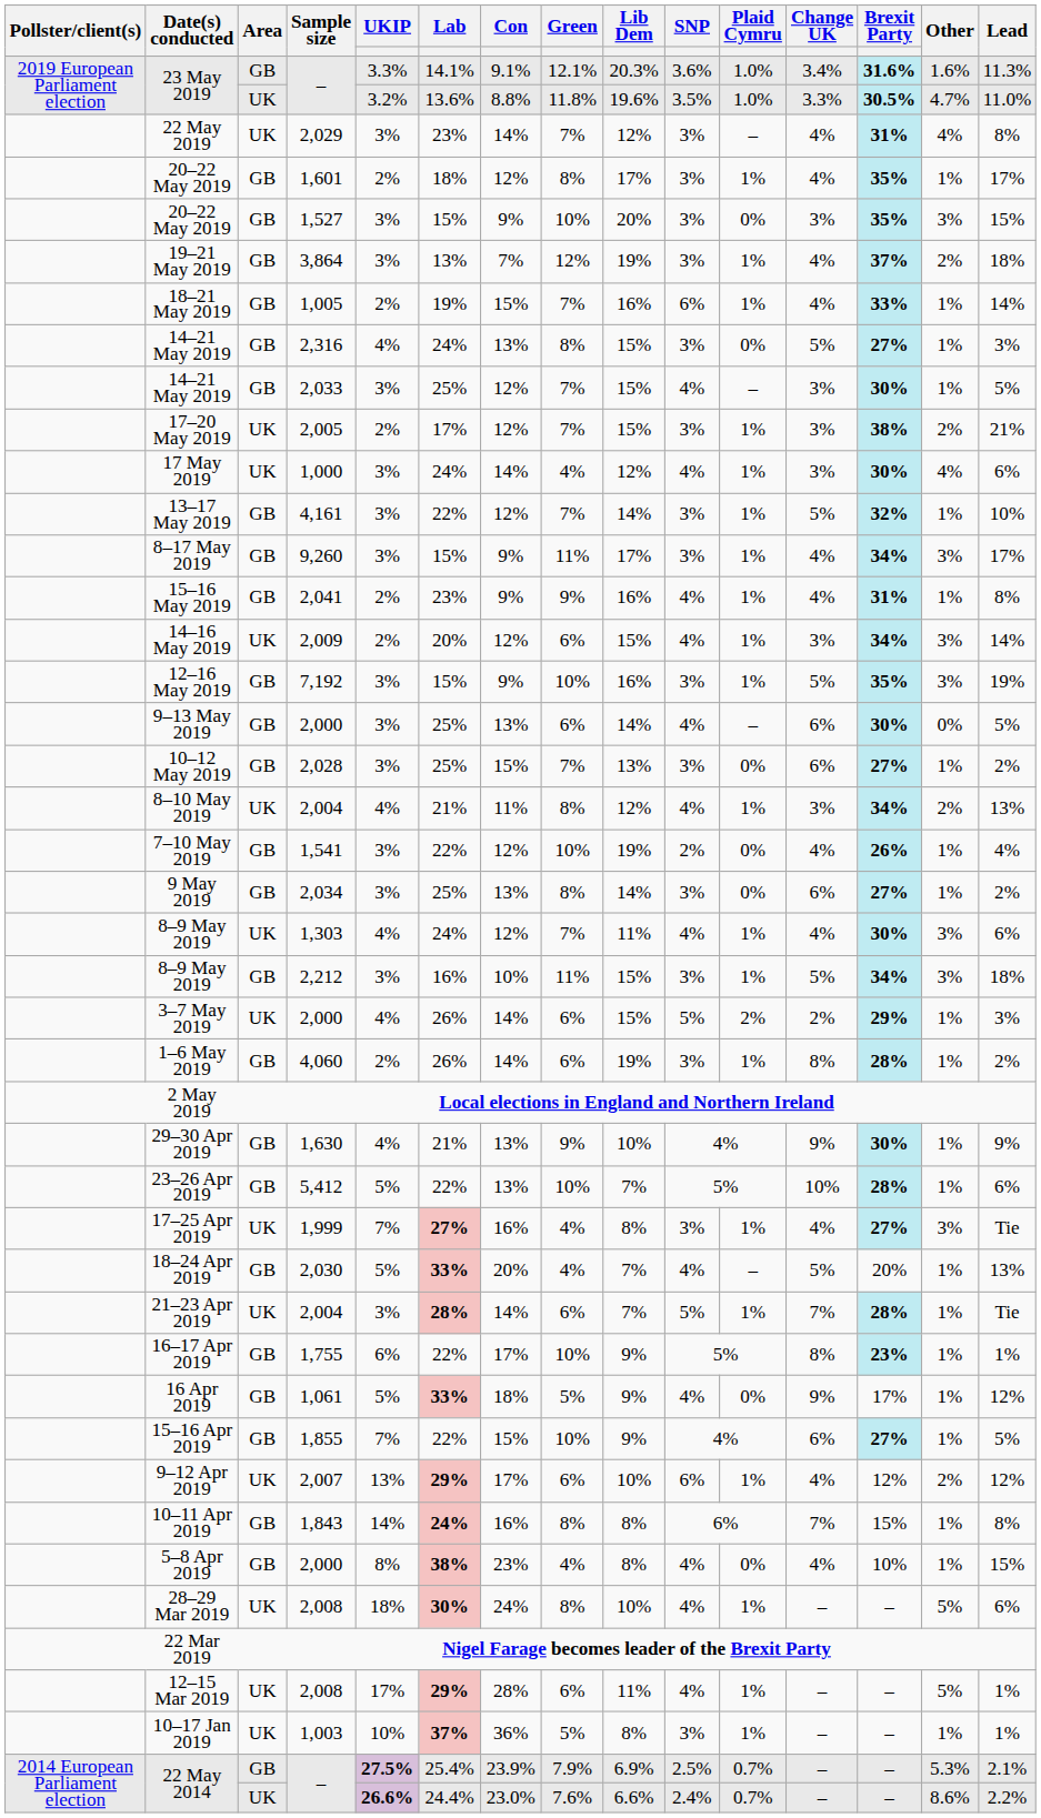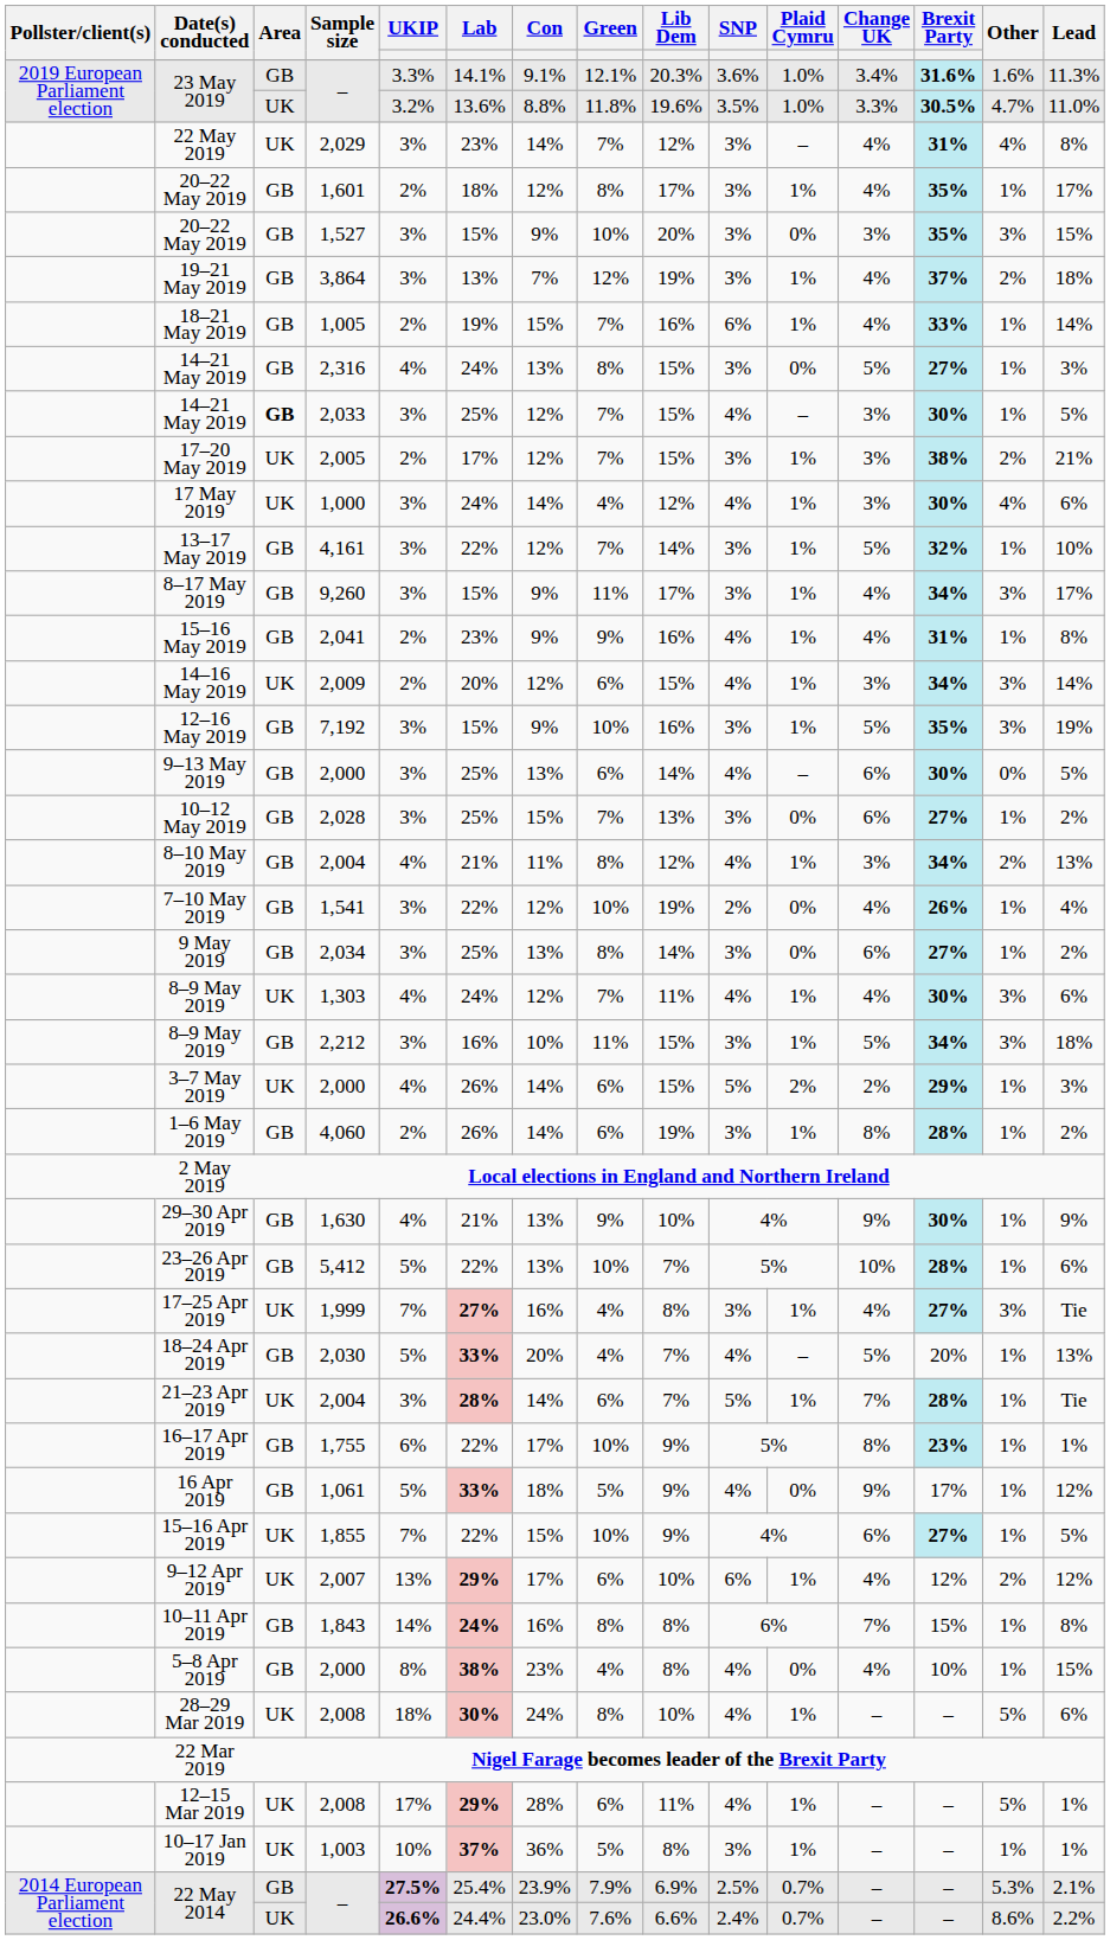 <table class="wikitable sortable mw-datatable" style="text-align:center;line-height:14px;">
 <tr>
 <th rowspan="2">Pollster/client(s)</th>
 <th rowspan="2">Date(s)<br>conducted</th>
 <th rowspan="2">Area</th>
 <th data-sort-type="number" rowspan="2">Sample<br>size</th>
 <th class="unsortable" style="width:50px;"><a href='#'>UKIP</a></th>
 <th class="unsortable" style="width:50px;"><a href='#'>Lab</a></th>
 <th class="unsortable" style="width:50px;"><a href='#'>Con</a></th>
 <th class="unsortable" style="width:50px;"><a href='#'>Green</a></th>
 <th class="unsortable" style="width:50px;"><a href='#'>Lib Dem</a></th>
 <th class="unsortable" style="width:50px;"><a href='#'>SNP</a></th>
 <th class="unsortable" style="width:50px;"><a href='#'>Plaid Cymru</a></th>
 <th class="unsortable" style="width:50px;"><a href='#'>Change UK</a></th>
 <th class="unsortable" style="width:50px;"><a href='#'>Brexit Party</a></th>
 <th class="unsortable" rowspan="2">Other</th>
 <th data-sort-type="number" rowspan="2">Lead</th>
 </tr>
 <tr>
 <th data-sort-type="number" style="background:"></th>
 <th data-sort-type="number" style="background:"></th>
 <th data-sort-type="number" style="background:"></th>
 <th data-sort-type="number" style="background:"></th>
 <th data-sort-type="number" style="background:"></th>
 <th data-sort-type="number" style="background:"></th>
 <th data-sort-type="number" style="background:"></th>
 <th data-sort-type="number" style="background:"></th>
 <th data-sort-type="number" style="background:"></th>
 </tr>
 <tr style="background:#E9E9E9;">
 <td rowspan="2"><a href='#'>2019 European Parliament election</a></td>
 <td rowspan="2" data-sort-value="2019-05-23">23 May 2019</td>
 <td>GB</td>
 <td rowspan="2">–</td>
 <td>3.3%</td>
 <td>14.1%</td>
 <td>9.1%</td>
 <td>12.1%</td>
 <td>20.3%</td>
 <td>3.6%</td>
 <td>1.0%</td>
 <td>3.4%</td>
 <td style="background:#BFEBF2;"><strong>31.6%</strong></td>
 <td>1.6%</td>
 <td style="background:">11.3%</td>
 </tr>
 <tr style="background:#E9E9E9;">
 <td>UK</td>
 <td>3.2%</td>
 <td>13.6%</td>
 <td>8.8%</td>
 <td>11.8%</td>
 <td>19.6%</td>
 <td>3.5%</td>
 <td>1.0%</td>
 <td>3.3%</td>
 <td style="background:#BFEBF2;"><strong>30.5%</strong></td>
 <td>4.7%</td>
 <td style="background:">11.0%</td>
 </tr>
 <tr>
 <td></td>
 <td data-sort-value="2019-05-22">22 May 2019</td>
 <td>UK</td>
 <td>2,029</td>
 <td>3%</td>
 <td>23%</td>
 <td>14%</td>
 <td>7%</td>
 <td>12%</td>
 <td>3%</td>
 <td>–</td>
 <td>4%</td>
 <td style="background:#BFEBF2;"><strong>31%</strong></td>
 <td>4%</td>
 <td style="background:">8%</td>
 </tr>
 <tr>
 <td></td>
 <td data-sort-value="2019-05-22">20–22 May 2019</td>
 <td>GB</td>
 <td>1,601</td>
 <td>2%</td>
 <td>18%</td>
 <td>12%</td>
 <td>8%</td>
 <td>17%</td>
 <td>3%</td>
 <td>1%</td>
 <td>4%</td>
 <td style="background:#BFEBF2;"><strong>35%</strong></td>
 <td>1%</td>
 <td style="background:">17%</td>
 </tr>
 <tr>
 <td></td>
 <td data-sort-value="2019-05-22">20–22 May 2019</td>
 <td>GB</td>
 <td>1,527</td>
 <td>3%</td>
 <td>15%</td>
 <td>9%</td>
 <td>10%</td>
 <td>20%</td>
 <td>3%</td>
 <td>0%</td>
 <td>3%</td>
 <td style="background:#BFEBF2;"><strong>35%</strong></td>
 <td>3%</td>
 <td style="background:">15%</td>
 </tr>
 <tr>
 <td></td>
 <td data-sort-value="2019-05-21">19–21 May 2019</td>
 <td>GB</td>
 <td>3,864</td>
 <td>3%</td>
 <td>13%</td>
 <td>7%</td>
 <td>12%</td>
 <td>19%</td>
 <td>3%</td>
 <td>1%</td>
 <td>4%</td>
 <td style="background:#BFEBF2;"><strong>37%</strong></td>
 <td>2%</td>
 <td style="background:">18%</td>
 </tr>
 <tr>
 <td></td>
 <td data-sort-value="2019-05-21">18–21 May 2019</td>
 <td>GB</td>
 <td>1,005</td>
 <td>2%</td>
 <td>19%</td>
 <td>15%</td>
 <td>7%</td>
 <td>16%</td>
 <td>6%</td>
 <td>1%</td>
 <td>4%</td>
 <td style="background:#BFEBF2;"><strong>33%</strong></td>
 <td>1%</td>
 <td style="background:">14%</td>
 </tr>
 <tr>
 <td></td>
 <td data-sort-value="2019-05-21">14–21 May 2019</td>
 <td>GB</td>
 <td>2,316</td>
 <td>4%</td>
 <td>24%</td>
 <td>13%</td>
 <td>8%</td>
 <td>15%</td>
 <td>3%</td>
 <td>0%</td>
 <td>5%</td>
 <td style="background:#BFEBF2;"><strong>27%</strong></td>
 <td>1%</td>
 <td style="background:">3%</td>
 </tr>
 <tr>
 <td></td>
 <td data-sort-value="2019-05-21">14–21 May 2019</td>
-<td>GB</td>
+<td><strong>GB</strong></td>
 <td>2,033</td>
 <td>3%</td>
 <td>25%</td>
 <td>12%</td>
 <td>7%</td>
 <td>15%</td>
 <td>4%</td>
 <td>–</td>
 <td>3%</td>
 <td style="background:#BFEBF2;"><strong>30%</strong></td>
 <td>1%</td>
 <td style="background:">5%</td>
 </tr>
 <tr>
 <td></td>
 <td data-sort-value="2019-05-20">17–20 May 2019</td>
 <td>UK</td>
 <td>2,005</td>
 <td>2%</td>
 <td>17%</td>
 <td>12%</td>
 <td>7%</td>
 <td>15%</td>
 <td>3%</td>
 <td>1%</td>
 <td>3%</td>
 <td style="background:#BFEBF2;"><strong>38%</strong></td>
 <td>2%</td>
 <td style="background:">21%</td>
 </tr>
 <tr>
 <td></td>
 <td data-sort-value="2019-05-17">17 May 2019</td>
 <td>UK</td>
 <td>1,000</td>
 <td>3%</td>
 <td>24%</td>
 <td>14%</td>
 <td>4%</td>
 <td>12%</td>
 <td>4%</td>
 <td>1%</td>
 <td>3%</td>
 <td style="background:#BFEBF2;"><strong>30%</strong></td>
 <td>4%</td>
 <td style="background:">6%</td>
 </tr>
 <tr>
 <td></td>
 <td data-sort-value="2019-05-17">13–17 May 2019</td>
 <td>GB</td>
 <td>4,161</td>
 <td>3%</td>
 <td>22%</td>
 <td>12%</td>
 <td>7%</td>
 <td>14%</td>
 <td>3%</td>
 <td>1%</td>
 <td>5%</td>
 <td style="background:#BFEBF2;"><strong>32%</strong></td>
 <td>1%</td>
 <td style="background:">10%</td>
 </tr>
 <tr>
 <td></td>
 <td data-sort-value="2019-05-17">8–17 May 2019</td>
 <td>GB</td>
 <td>9,260</td>
 <td>3%</td>
 <td>15%</td>
 <td>9%</td>
 <td>11%</td>
 <td>17%</td>
 <td>3%</td>
 <td>1%</td>
 <td>4%</td>
 <td style="background:#BFEBF2;"><strong>34%</strong></td>
 <td>3%</td>
 <td style="background:">17%</td>
 </tr>
 <tr>
 <td></td>
 <td data-sort-value="2019-05-16">15–16 May 2019</td>
 <td>GB</td>
 <td>2,041</td>
 <td>2%</td>
 <td>23%</td>
 <td>9%</td>
 <td>9%</td>
 <td>16%</td>
 <td>4%</td>
 <td>1%</td>
 <td>4%</td>
 <td style="background:#BFEBF2;"><strong>31%</strong></td>
 <td>1%</td>
 <td style="background:">8%</td>
 </tr>
 <tr>
 <td></td>
 <td data-sort-value="2019-05-16">14–16 May 2019</td>
 <td>UK</td>
 <td>2,009</td>
 <td>2%</td>
 <td>20%</td>
 <td>12%</td>
 <td>6%</td>
 <td>15%</td>
 <td>4%</td>
 <td>1%</td>
 <td>3%</td>
 <td style="background:#BFEBF2;"><strong>34%</strong></td>
 <td>3%</td>
 <td style="background:">14%</td>
 </tr>
 <tr>
 <td></td>
 <td data-sort-value="2019-05-16">12–16 May 2019</td>
 <td>GB</td>
 <td>7,192</td>
 <td>3%</td>
 <td>15%</td>
 <td>9%</td>
 <td>10%</td>
 <td>16%</td>
 <td>3%</td>
 <td>1%</td>
 <td>5%</td>
 <td style="background:#BFEBF2;"><strong>35%</strong></td>
 <td>3%</td>
 <td style="background:">19%</td>
 </tr>
 <tr>
 <td></td>
 <td data-sort-value="2019-05-13">9–13 May 2019</td>
 <td>GB</td>
 <td>2,000</td>
 <td>3%</td>
 <td>25%</td>
 <td>13%</td>
 <td>6%</td>
 <td>14%</td>
 <td>4%</td>
 <td>–</td>
 <td>6%</td>
 <td style="background:#BFEBF2;"><strong>30%</strong></td>
 <td>0%</td>
 <td style="background:">5%</td>
 </tr>
 <tr>
 <td></td>
 <td data-sort-value="2019-05-12">10–12 May 2019</td>
 <td>GB</td>
 <td>2,028</td>
 <td>3%</td>
 <td>25%</td>
 <td>15%</td>
 <td>7%</td>
 <td>13%</td>
 <td>3%</td>
 <td>0%</td>
 <td>6%</td>
 <td style="background:#BFEBF2;"><strong>27%</strong></td>
 <td>1%</td>
 <td style="background:">2%</td>
 </tr>
 <tr>
 <td></td>
 <td data-sort-value="2019-05-10">8–10 May 2019</td>
-<td>UK</td>
+<td>GB</td>
 <td>2,004</td>
 <td>4%</td>
 <td>21%</td>
 <td>11%</td>
 <td>8%</td>
 <td>12%</td>
 <td>4%</td>
 <td>1%</td>
 <td>3%</td>
 <td style="background:#BFEBF2;"><strong>34%</strong></td>
 <td>2%</td>
 <td style="background:">13%</td>
 </tr>
 <tr>
 <td></td>
 <td data-sort-value="2019-05-10">7–10 May 2019</td>
 <td>GB</td>
 <td>1,541</td>
 <td>3%</td>
 <td>22%</td>
 <td>12%</td>
 <td>10%</td>
 <td>19%</td>
 <td>2%</td>
 <td>0%</td>
 <td>4%</td>
 <td style="background:#BFEBF2;"><strong>26%</strong></td>
 <td>1%</td>
 <td style="background:">4%</td>
 </tr>
 <tr>
 <td></td>
 <td data-sort-value="2019-05-09">9 May 2019</td>
 <td>GB</td>
 <td>2,034</td>
 <td>3%</td>
 <td>25%</td>
 <td>13%</td>
 <td>8%</td>
 <td>14%</td>
 <td>3%</td>
 <td>0%</td>
 <td>6%</td>
 <td style="background:#BFEBF2;"><strong>27%</strong></td>
 <td>1%</td>
 <td style="background:">2%</td>
 </tr>
 <tr>
 <td></td>
 <td data-sort-value="2019-05-09">8–9 May 2019</td>
 <td>UK</td>
 <td>1,303</td>
 <td>4%</td>
 <td>24%</td>
 <td>12%</td>
 <td>7%</td>
 <td>11%</td>
 <td>4%</td>
 <td>1%</td>
 <td>4%</td>
 <td style="background:#BFEBF2;"><strong>30%</strong></td>
 <td>3%</td>
 <td style="background:">6%</td>
 </tr>
 <tr>
 <td></td>
 <td data-sort-value="2019-05-09">8–9 May 2019</td>
 <td>GB</td>
 <td>2,212</td>
 <td>3%</td>
 <td>16%</td>
 <td>10%</td>
 <td>11%</td>
 <td>15%</td>
 <td>3%</td>
 <td>1%</td>
 <td>5%</td>
 <td style="background:#BFEBF2;"><strong>34%</strong></td>
 <td>3%</td>
 <td style="background:">18%</td>
 </tr>
 <tr>
 <td></td>
 <td data-sort-value="2019-05-07">3–7 May 2019</td>
 <td>UK</td>
 <td>2,000</td>
 <td>4%</td>
 <td>26%</td>
 <td>14%</td>
 <td>6%</td>
 <td>15%</td>
 <td>5%</td>
 <td>2%</td>
 <td>2%</td>
 <td style="background:#BFEBF2;"><strong>29%</strong></td>
 <td>1%</td>
 <td style="background:">3%</td>
 </tr>
 <tr>
 <td></td>
 <td data-sort-value="2019-05-06">1–6 May 2019</td>
 <td>GB</td>
 <td>4,060</td>
 <td>2%</td>
 <td>26%</td>
 <td>14%</td>
 <td>6%</td>
 <td>19%</td>
 <td>3%</td>
 <td>1%</td>
 <td>8%</td>
 <td style="background:#BFEBF2;"><strong>28%</strong></td>
 <td>1%</td>
 <td style="background:">2%</td>
 </tr>
 <tr>
 <td style="border-right-style:hidden;"></td>
 <td style="border-right-style:hidden;" data-sort-value="2019-05-02">2 May 2019</td>
 <td style="font-weight:bold;" colspan="13"><a href='#'>Local elections in England and Northern Ireland</a></td>
 </tr>
 <tr>
 <td></td>
 <td data-sort-value="2019-04-30">29–30 Apr 2019</td>
 <td>GB</td>
 <td>1,630</td>
 <td>4%</td>
 <td>21%</td>
 <td>13%</td>
 <td>9%</td>
 <td>10%</td>
 <td colspan="2">4%</td>
 <td>9%</td>
 <td style="background:#BFEBF2;"><strong>30%</strong></td>
 <td>1%</td>
 <td style="background:">9%</td>
 </tr>
 <tr>
 <td></td>
 <td data-sort-value="2019-04-26">23–26 Apr 2019</td>
 <td>GB</td>
 <td>5,412</td>
 <td>5%</td>
 <td>22%</td>
 <td>13%</td>
 <td>10%</td>
 <td>7%</td>
 <td colspan="2">5%</td>
 <td>10%</td>
 <td style="background:#BFEBF2;"><strong>28%</strong></td>
 <td>1%</td>
 <td style="background:">6%</td>
 </tr>
 <tr>
 <td></td>
 <td data-sort-value="2019-04-25">17–25 Apr 2019</td>
 <td>UK</td>
 <td>1,999</td>
 <td>7%</td>
 <td style="background:#F5C3C2;"><strong>27%</strong></td>
 <td>16%</td>
 <td>4%</td>
 <td>8%</td>
 <td>3%</td>
 <td>1%</td>
 <td>4%</td>
 <td style="background:#BFEBF2;"><strong>27%</strong></td>
 <td>3%</td>
 <td data-sort-value="0">Tie</td>
 </tr>
 <tr>
 <td></td>
 <td data-sort-value="2019-04-24">18–24 Apr 2019</td>
 <td>GB</td>
 <td>2,030</td>
 <td>5%</td>
 <td style="background:#F5C3C2;"><strong>33%</strong></td>
 <td>20%</td>
 <td>4%</td>
 <td>7%</td>
 <td>4%</td>
 <td>–</td>
 <td>5%</td>
 <td>20%</td>
 <td>1%</td>
 <td style="background:">13%</td>
 </tr>
 <tr>
 <td></td>
 <td data-sort-value="2019-04-23">21–23 Apr 2019</td>
 <td>UK</td>
 <td>2,004</td>
 <td>3%</td>
 <td style="background:#F5C3C2;"><strong>28%</strong></td>
 <td>14%</td>
 <td>6%</td>
 <td>7%</td>
 <td>5%</td>
 <td>1%</td>
 <td>7%</td>
 <td style="background:#BFEBF2;"><strong>28%</strong></td>
 <td>1%</td>
 <td data-sort-value="0">Tie</td>
 </tr>
 <tr>
 <td></td>
 <td data-sort-value="2019-04-17">16–17 Apr 2019</td>
 <td>GB</td>
 <td>1,755</td>
 <td>6%</td>
 <td>22%</td>
 <td>17%</td>
 <td>10%</td>
 <td>9%</td>
 <td colspan="2">5%</td>
 <td>8%</td>
 <td style="background:#BFEBF2;"><strong>23%</strong></td>
 <td>1%</td>
 <td style="background:">1%</td>
 </tr>
 <tr>
 <td></td>
 <td data-sort-value="2019-04-16">16 Apr 2019</td>
 <td>GB</td>
 <td>1,061</td>
 <td>5%</td>
 <td style="background:#F5C3C2;"><strong>33%</strong></td>
 <td>18%</td>
 <td>5%</td>
 <td>9%</td>
 <td>4%</td>
 <td>0%</td>
 <td>9%</td>
 <td>17%</td>
 <td>1%</td>
 <td style="background:">12%</td>
 </tr>
 <tr>
 <td></td>
 <td data-sort-value="2019-04-16">15–16 Apr 2019</td>
-<td>GB</td>
+<td>UK</td>
 <td>1,855</td>
 <td>7%</td>
 <td>22%</td>
 <td>15%</td>
 <td>10%</td>
 <td>9%</td>
 <td colspan="2">4%</td>
 <td>6%</td>
 <td style="background:#BFEBF2;"><strong>27%</strong></td>
 <td>1%</td>
 <td style="background:">5%</td>
 </tr>
 <tr>
 <td></td>
 <td data-sort-value="2019-04-12">9–12 Apr 2019</td>
 <td>UK</td>
 <td>2,007</td>
 <td>13%</td>
 <td style="background:#F5C3C2;"><strong>29%</strong></td>
 <td>17%</td>
 <td>6%</td>
 <td>10%</td>
 <td>6%</td>
 <td>1%</td>
 <td>4%</td>
 <td>12%</td>
 <td>2%</td>
 <td style="background:">12%</td>
 </tr>
 <tr>
 <td></td>
 <td data-sort-value="2019-04-11">10–11 Apr 2019</td>
 <td>GB</td>
 <td>1,843</td>
 <td>14%</td>
 <td style="background:#F5C3C2;"><strong>24%</strong></td>
 <td>16%</td>
 <td>8%</td>
 <td>8%</td>
 <td colspan="2">6%</td>
 <td>7%</td>
 <td>15%</td>
 <td>1%</td>
 <td style="background:">8%</td>
 </tr>
 <tr>
 <td></td>
 <td data-sort-value="2019-04-08">5–8 Apr 2019</td>
 <td>GB</td>
 <td>2,000</td>
 <td>8%</td>
 <td style="background:#F5C3C2;"><strong>38%</strong></td>
 <td>23%</td>
 <td>4%</td>
 <td>8%</td>
 <td>4%</td>
 <td>0%</td>
 <td>4%</td>
 <td>10%</td>
 <td>1%</td>
 <td style="background:">15%</td>
 </tr>
 <tr>
 <td></td>
 <td data-sort-value="2019-03-29">28–29 Mar 2019</td>
 <td>UK</td>
 <td>2,008</td>
 <td>18%</td>
 <td style="background:#F5C3C2;"><strong>30%</strong></td>
 <td>24%</td>
 <td>8%</td>
 <td>10%</td>
 <td>4%</td>
 <td>1%</td>
 <td>–</td>
 <td>–</td>
 <td>5%</td>
 <td style="background:">6%</td>
 </tr>
 <tr>
 <td style="border-right-style:hidden;"></td>
 <td style="border-right-style:hidden;" data-sort-value="2019-03-22">22 Mar 2019</td>
 <td style="font-weight:bold;" colspan="13"><a href='#'>Nigel Farage</a> becomes leader of the <a href='#'>Brexit Party</a></td>
 </tr>
 <tr>
 <td></td>
 <td data-sort-value="2019-03-15">12–15 Mar 2019</td>
 <td>UK</td>
 <td>2,008</td>
 <td>17%</td>
 <td style="background:#F5C3C2;"><strong>29%</strong></td>
 <td>28%</td>
 <td>6%</td>
 <td>11%</td>
 <td>4%</td>
 <td>1%</td>
 <td>–</td>
 <td>–</td>
 <td>5%</td>
 <td style="background:">1%</td>
 </tr>
 <tr>
 <td></td>
 <td data-sort-value="2019-01-17">10–17 Jan 2019</td>
 <td>UK</td>
 <td>1,003</td>
 <td>10%</td>
 <td style="background:#F5C3C2;"><strong>37%</strong></td>
 <td>36%</td>
 <td>5%</td>
 <td>8%</td>
 <td>3%</td>
 <td>1%</td>
 <td>–</td>
 <td>–</td>
 <td>1%</td>
 <td style="background:">1%</td>
 </tr>
 <tr style="background:#E9E9E9;">
 <td rowspan="2"><a href='#'>2014 European Parliament election</a></td>
 <td rowspan="2" data-sort-value="2014-05-22">22 May 2014</td>
 <td>GB</td>
 <td rowspan="2">–</td>
 <td style="background:#D8BFDB;"><strong>27.5%</strong></td>
 <td>25.4%</td>
 <td>23.9%</td>
 <td>7.9%</td>
 <td>6.9%</td>
 <td>2.5%</td>
 <td>0.7%</td>
 <td>–</td>
 <td>–</td>
 <td>5.3%</td>
 <td style="background:">2.1%</td>
 </tr>
 <tr style="background:#E9E9E9;">
 <td>UK</td>
 <td style="background:#D8BFDB;"><strong>26.6%</strong></td>
 <td>24.4%</td>
 <td>23.0%</td>
 <td>7.6%</td>
 <td>6.6%</td>
 <td>2.4%</td>
 <td>0.7%</td>
 <td>–</td>
 <td>–</td>
 <td>8.6%</td>
 <td style="background:">2.2%</td>
 </tr>
 </table>
